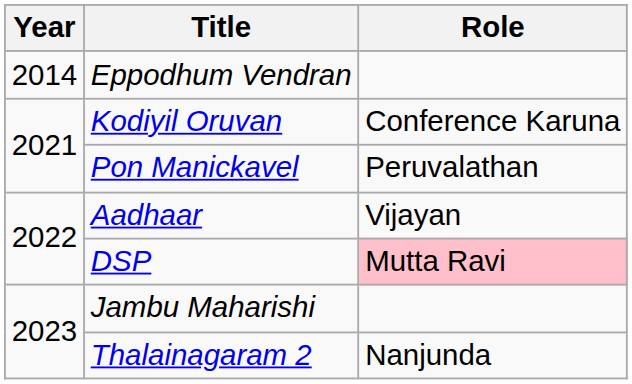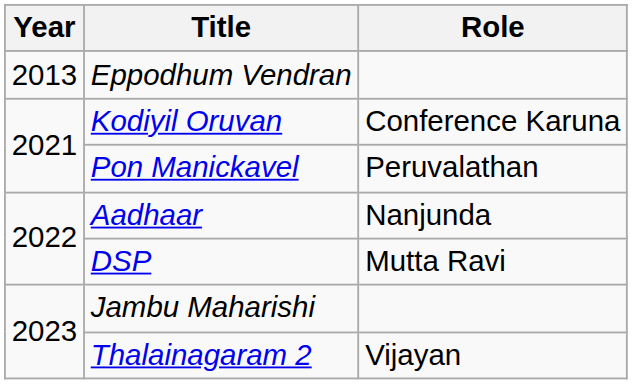 <table class="wikitable">
 <tr>
 <th>Year</th>
 <th>Title</th>
 <th>Role</th>
 </tr>
 <tr>
-<td>2014</td>
+<td>2013</td>
 <td><em>Eppodhum Vendran</em></td>
 <td></td>
 </tr>
 <tr>
 <td rowspan="2">2021</td>
 <td><em><a href='#'>Kodiyil Oruvan</a></em></td>
 <td>Conference Karuna</td>
 </tr>
 <tr>
 <td><em><a href='#'>Pon Manickavel</a></em></td>
 <td>Peruvalathan</td>
 </tr>
 <tr>
 <td rowspan="2">2022</td>
 <td><em><a href='#'>Aadhaar</a></em></td>
-<td>Vijayan</td>
+<td>Nanjunda</td>
 </tr>
 <tr>
 <td><em><a href='#'>DSP</a></em></td>
-<td style="background: pink;">Mutta Ravi</td>
+<td>Mutta Ravi</td>
 </tr>
 <tr>
 <td rowspan="2">2023</td>
 <td><em>Jambu Maharishi</em></td>
 <td></td>
 </tr>
 <tr>
 <td><em><a href='#'>Thalainagaram 2</a></em></td>
-<td>Nanjunda</td>
+<td>Vijayan</td>
 </tr>
 </table>
